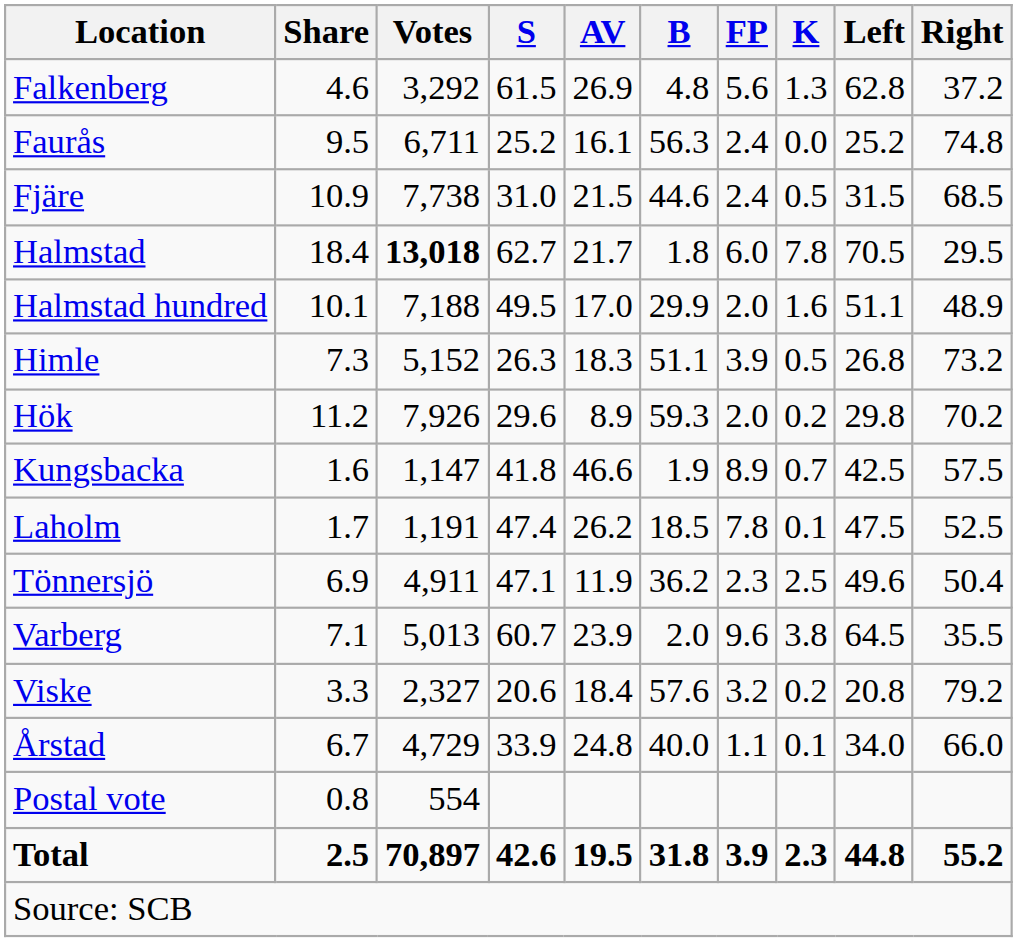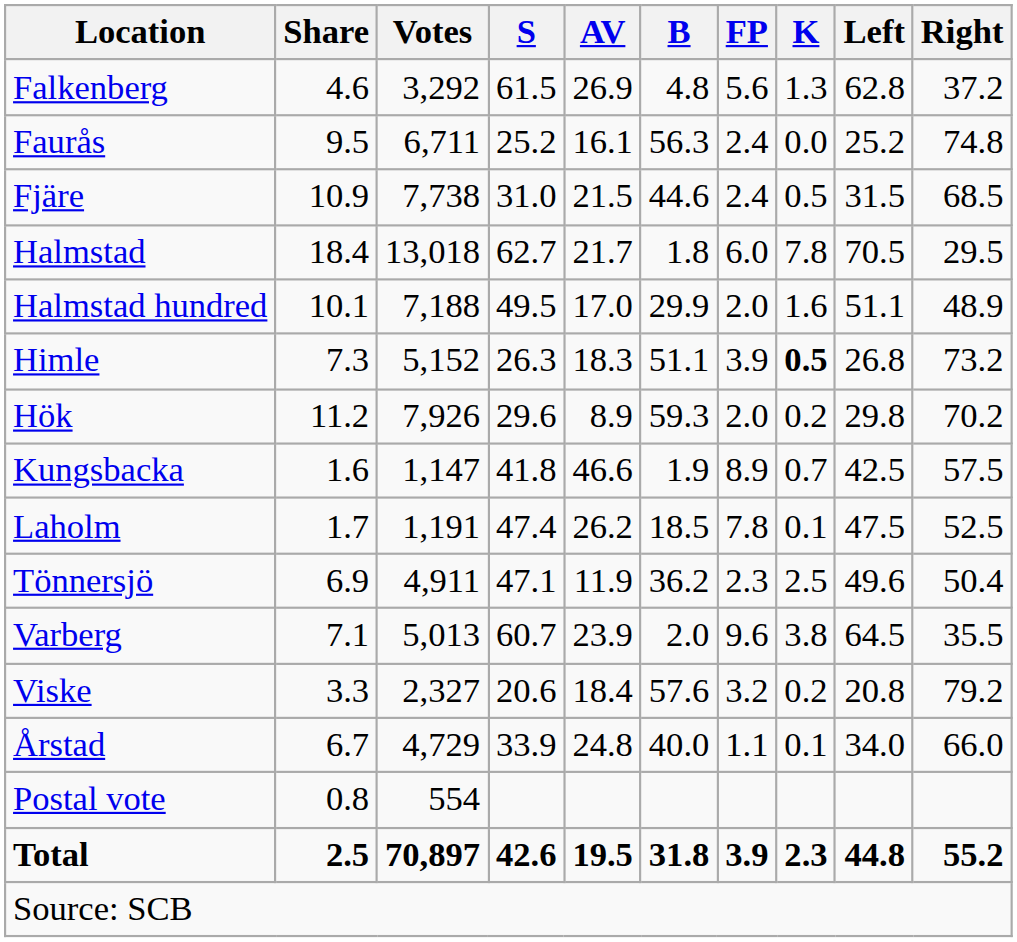 <table class="wikitable sortable" style=text-align:right>
 <tr>
 <th>Location</th>
 <th>Share</th>
 <th>Votes</th>
 <th><a href='#'>S</a></th>
 <th><a href='#'>AV</a></th>
 <th><a href='#'>B</a></th>
 <th><a href='#'>FP</a></th>
 <th><a href='#'>K</a></th>
 <th>Left</th>
 <th>Right</th>
 </tr>
 <tr>
 <td align=left><a href='#'>Falkenberg</a></td>
 <td>4.6</td>
 <td>3,292</td>
 <td>61.5</td>
 <td>26.9</td>
 <td>4.8</td>
 <td>5.6</td>
 <td>1.3</td>
 <td>62.8</td>
 <td>37.2</td>
 </tr>
 <tr>
 <td align=left><a href='#'>Faurås</a></td>
 <td>9.5</td>
 <td>6,711</td>
 <td>25.2</td>
 <td>16.1</td>
 <td>56.3</td>
 <td>2.4</td>
 <td>0.0</td>
 <td>25.2</td>
 <td>74.8</td>
 </tr>
 <tr>
 <td align=left><a href='#'>Fjäre</a></td>
 <td>10.9</td>
 <td>7,738</td>
 <td>31.0</td>
 <td>21.5</td>
 <td>44.6</td>
 <td>2.4</td>
 <td>0.5</td>
 <td>31.5</td>
 <td>68.5</td>
 </tr>
 <tr>
 <td align=left><a href='#'>Halmstad</a></td>
 <td>18.4</td>
-<td><strong>13,018</strong></td>
+<td>13,018</td>
 <td>62.7</td>
 <td>21.7</td>
 <td>1.8</td>
 <td>6.0</td>
 <td>7.8</td>
 <td>70.5</td>
 <td>29.5</td>
 </tr>
 <tr>
 <td align=left><a href='#'>Halmstad hundred</a></td>
 <td>10.1</td>
 <td>7,188</td>
 <td>49.5</td>
 <td>17.0</td>
 <td>29.9</td>
 <td>2.0</td>
 <td>1.6</td>
 <td>51.1</td>
 <td>48.9</td>
 </tr>
 <tr>
 <td align=left><a href='#'>Himle</a></td>
 <td>7.3</td>
 <td>5,152</td>
 <td>26.3</td>
 <td>18.3</td>
 <td>51.1</td>
 <td>3.9</td>
-<td>0.5</td>
+<td><strong>0.5</strong></td>
 <td>26.8</td>
 <td>73.2</td>
 </tr>
 <tr>
 <td align=left><a href='#'>Hök</a></td>
 <td>11.2</td>
 <td>7,926</td>
 <td>29.6</td>
 <td>8.9</td>
 <td>59.3</td>
 <td>2.0</td>
 <td>0.2</td>
 <td>29.8</td>
 <td>70.2</td>
 </tr>
 <tr>
 <td align=left><a href='#'>Kungsbacka</a></td>
 <td>1.6</td>
 <td>1,147</td>
 <td>41.8</td>
 <td>46.6</td>
 <td>1.9</td>
 <td>8.9</td>
 <td>0.7</td>
 <td>42.5</td>
 <td>57.5</td>
 </tr>
 <tr>
 <td align=left><a href='#'>Laholm</a></td>
 <td>1.7</td>
 <td>1,191</td>
 <td>47.4</td>
 <td>26.2</td>
 <td>18.5</td>
 <td>7.8</td>
 <td>0.1</td>
 <td>47.5</td>
 <td>52.5</td>
 </tr>
 <tr>
 <td align=left><a href='#'>Tönnersjö</a></td>
 <td>6.9</td>
 <td>4,911</td>
 <td>47.1</td>
 <td>11.9</td>
 <td>36.2</td>
 <td>2.3</td>
 <td>2.5</td>
 <td>49.6</td>
 <td>50.4</td>
 </tr>
 <tr>
 <td align=left><a href='#'>Varberg</a></td>
 <td>7.1</td>
 <td>5,013</td>
 <td>60.7</td>
 <td>23.9</td>
 <td>2.0</td>
 <td>9.6</td>
 <td>3.8</td>
 <td>64.5</td>
 <td>35.5</td>
 </tr>
 <tr>
 <td align=left><a href='#'>Viske</a></td>
 <td>3.3</td>
 <td>2,327</td>
 <td>20.6</td>
 <td>18.4</td>
 <td>57.6</td>
 <td>3.2</td>
 <td>0.2</td>
 <td>20.8</td>
 <td>79.2</td>
 </tr>
 <tr>
 <td align=left><a href='#'>Årstad</a></td>
 <td>6.7</td>
 <td>4,729</td>
 <td>33.9</td>
 <td>24.8</td>
 <td>40.0</td>
 <td>1.1</td>
 <td>0.1</td>
 <td>34.0</td>
 <td>66.0</td>
 </tr>
 <tr>
 <td align=left><a href='#'>Postal vote</a></td>
 <td>0.8</td>
 <td>554</td>
 <td></td>
 <td></td>
 <td></td>
 <td></td>
 <td></td>
 <td></td>
 <td></td>
 </tr>
 <tr>
 <td align=left><strong>Total</strong></td>
 <td><strong>2.5</strong></td>
 <td><strong>70,897</strong></td>
 <td><strong>42.6</strong></td>
 <td><strong>19.5</strong></td>
 <td><strong>31.8</strong></td>
 <td><strong>3.9</strong></td>
 <td><strong>2.3</strong></td>
 <td><strong>44.8</strong></td>
 <td><strong>55.2</strong></td>
 </tr>
 <tr>
 <td align=left colspan=10>Source: SCB </td>
 </tr>
 </table>
